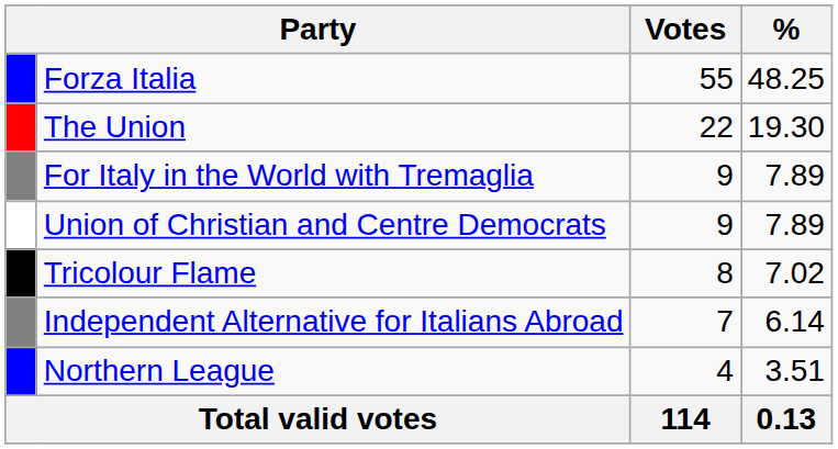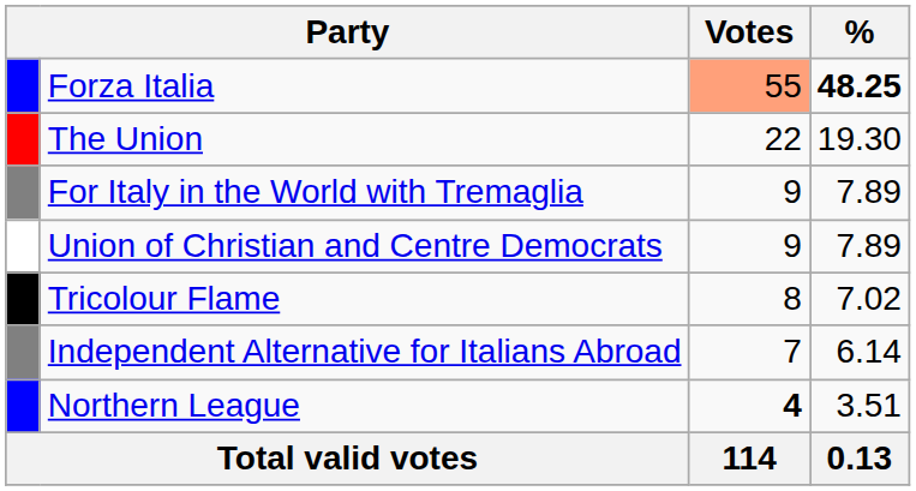 <table class="wikitable">
 <tr>
 <th colspan="2" style="width: 130px">Party</th>
 <th style="width: 50px">Votes</th>
 <th style="width: 40px">%</th>
 </tr>
 <tr>
 <td style="background-color:blue">  </td>
 <td style="text-align: left"><a href='#'>Forza Italia</a></td>
-<td style="text-align: right">55</td>
-<td style="text-align: right">48.25</td>
+<td style="background: lightsalmon; text-align: right">55</td>
+<td style="text-align: right"><strong>48.25</strong></td>
 </tr>
 <tr>
 <td style="background-color:red">  </td>
 <td style="text-align: left"><a href='#'>The Union</a></td>
 <td style="text-align: right">22</td>
 <td style="text-align: right">19.30</td>
 </tr>
 <tr>
 <td style="background-color:grey">  </td>
 <td style="text-align: left"><a href='#'>For Italy in the World with Tremaglia</a></td>
 <td align="right">9</td>
 <td align="right">7.89</td>
 </tr>
 <tr>
 <td style="background-color:white">  </td>
 <td style="text-align: left"><a href='#'>Union of Christian and Centre Democrats</a></td>
 <td align="right">9</td>
 <td align="right">7.89</td>
 </tr>
 <tr>
 <td style="background-color:black">  </td>
 <td style="text-align: left"><a href='#'>Tricolour Flame</a></td>
 <td align="right">8</td>
 <td align="right">7.02</td>
 </tr>
 <tr>
 <td style="background-color:grey">  </td>
 <td style="text-align: left"><a href='#'>Independent Alternative for Italians Abroad</a></td>
 <td align="right">7</td>
 <td align="right">6.14</td>
 </tr>
 <tr>
 <td style="background-color:blue">  </td>
 <td style="text-align: left"><a href='#'>Northern League</a></td>
-<td align="right">4</td>
+<td align="right"><strong>4</strong></td>
 <td align="right">3.51</td>
 </tr>
 <tr bgcolor="white">
 <th align="right" colspan=2>Total valid votes</th>
 <th align="right">114</th>
 <th align="right">0.13</th>
 </tr>
 </table>
